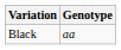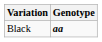 <table class="wikitable" style="margin:1em auto;">
 <tr>
 <th>Variation</th>
 <th>Genotype</th>
 </tr>
 <tr>
 <td>Black</td>
-<td><em>aa</em></td>
+<td><strong><em>aa</em></strong></td>
 </tr>
 </table>
